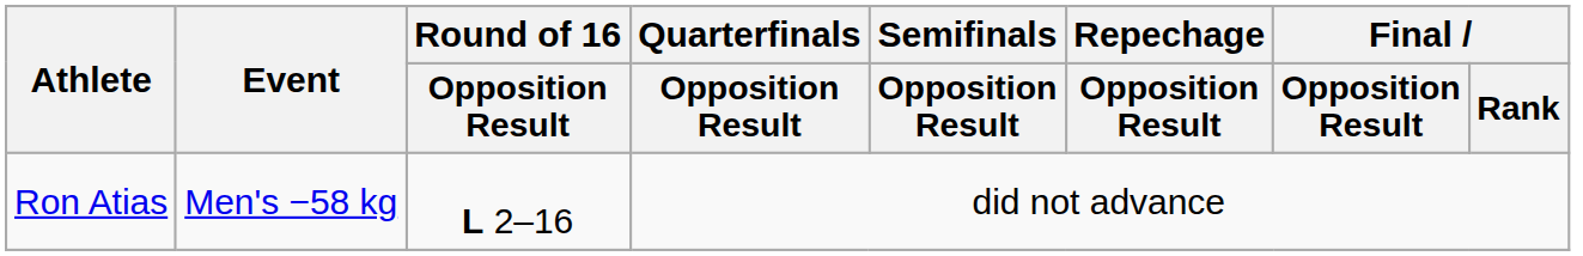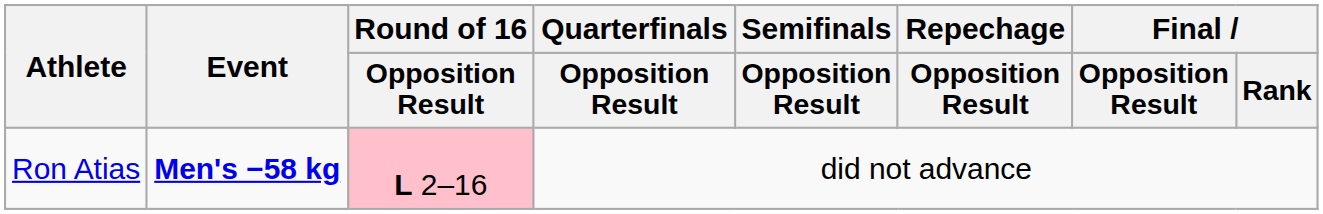 <table class="wikitable" style="font-size:90%;">
 <tr>
 <th rowspan=2>Athlete</th>
 <th rowspan=2>Event</th>
 <th>Round of 16</th>
 <th>Quarterfinals</th>
 <th>Semifinals</th>
 <th>Repechage</th>
 <th colspan=2>Final / </th>
 </tr>
 <tr style="font-size:95%">
 <th>Opposition<br>Result</th>
 <th>Opposition<br>Result</th>
 <th>Opposition<br>Result</th>
 <th>Opposition<br>Result</th>
 <th>Opposition<br>Result</th>
 <th>Rank</th>
 </tr>
 <tr align=center>
 <td align=left><a href='#'>Ron Atias</a></td>
-<td align=left><a href='#'>Men's −58 kg</a></td>
-<td><br><strong>L</strong> 2–16 </td>
+<td align=left><strong><a href='#'>Men's −58 kg</a></strong></td>
+<td style="background: pink;"><br><strong>L</strong> 2–16 </td>
 <td colspan=5>did not advance</td>
 </tr>
 </table>
